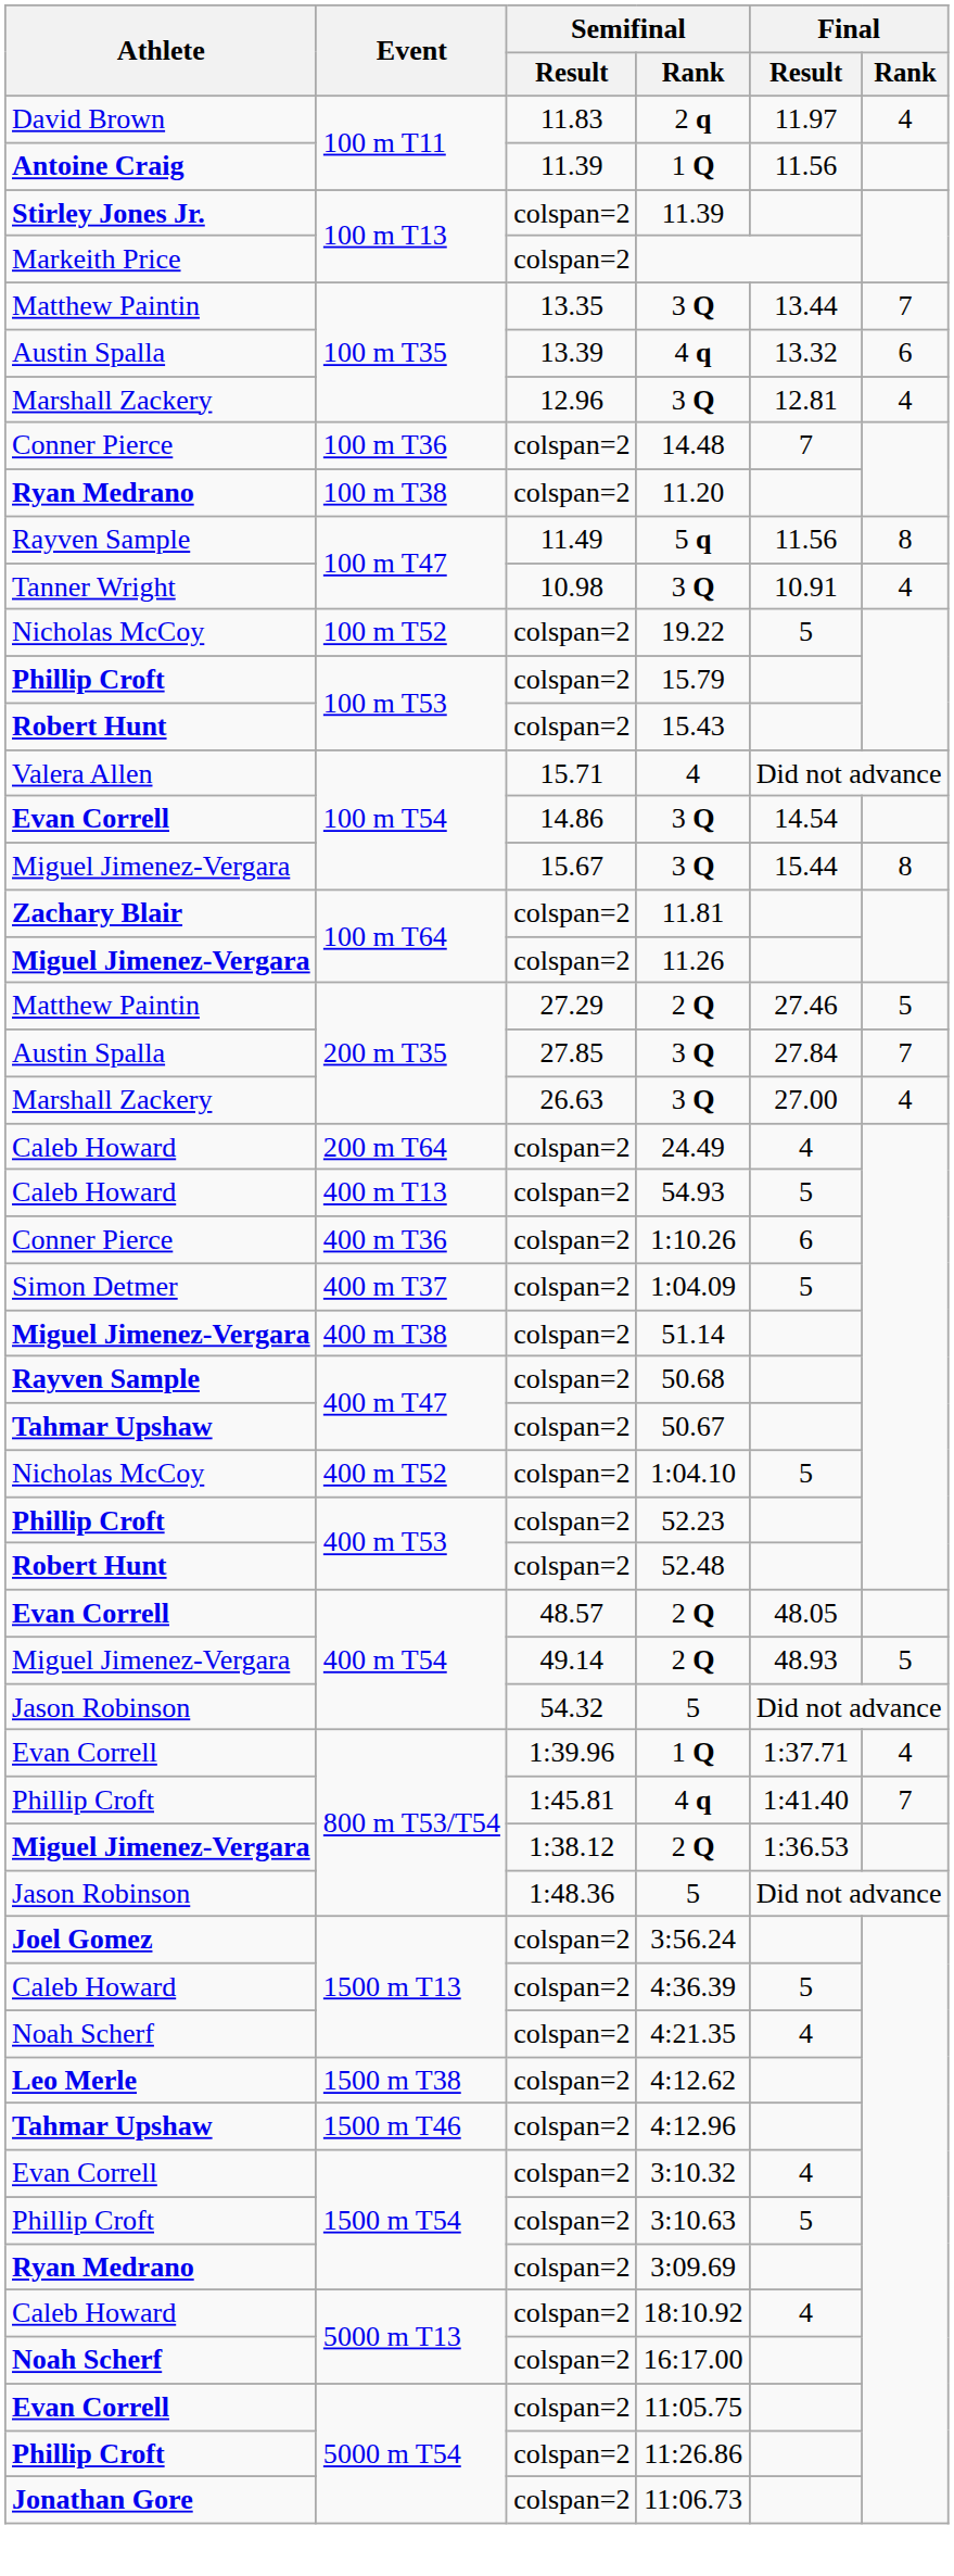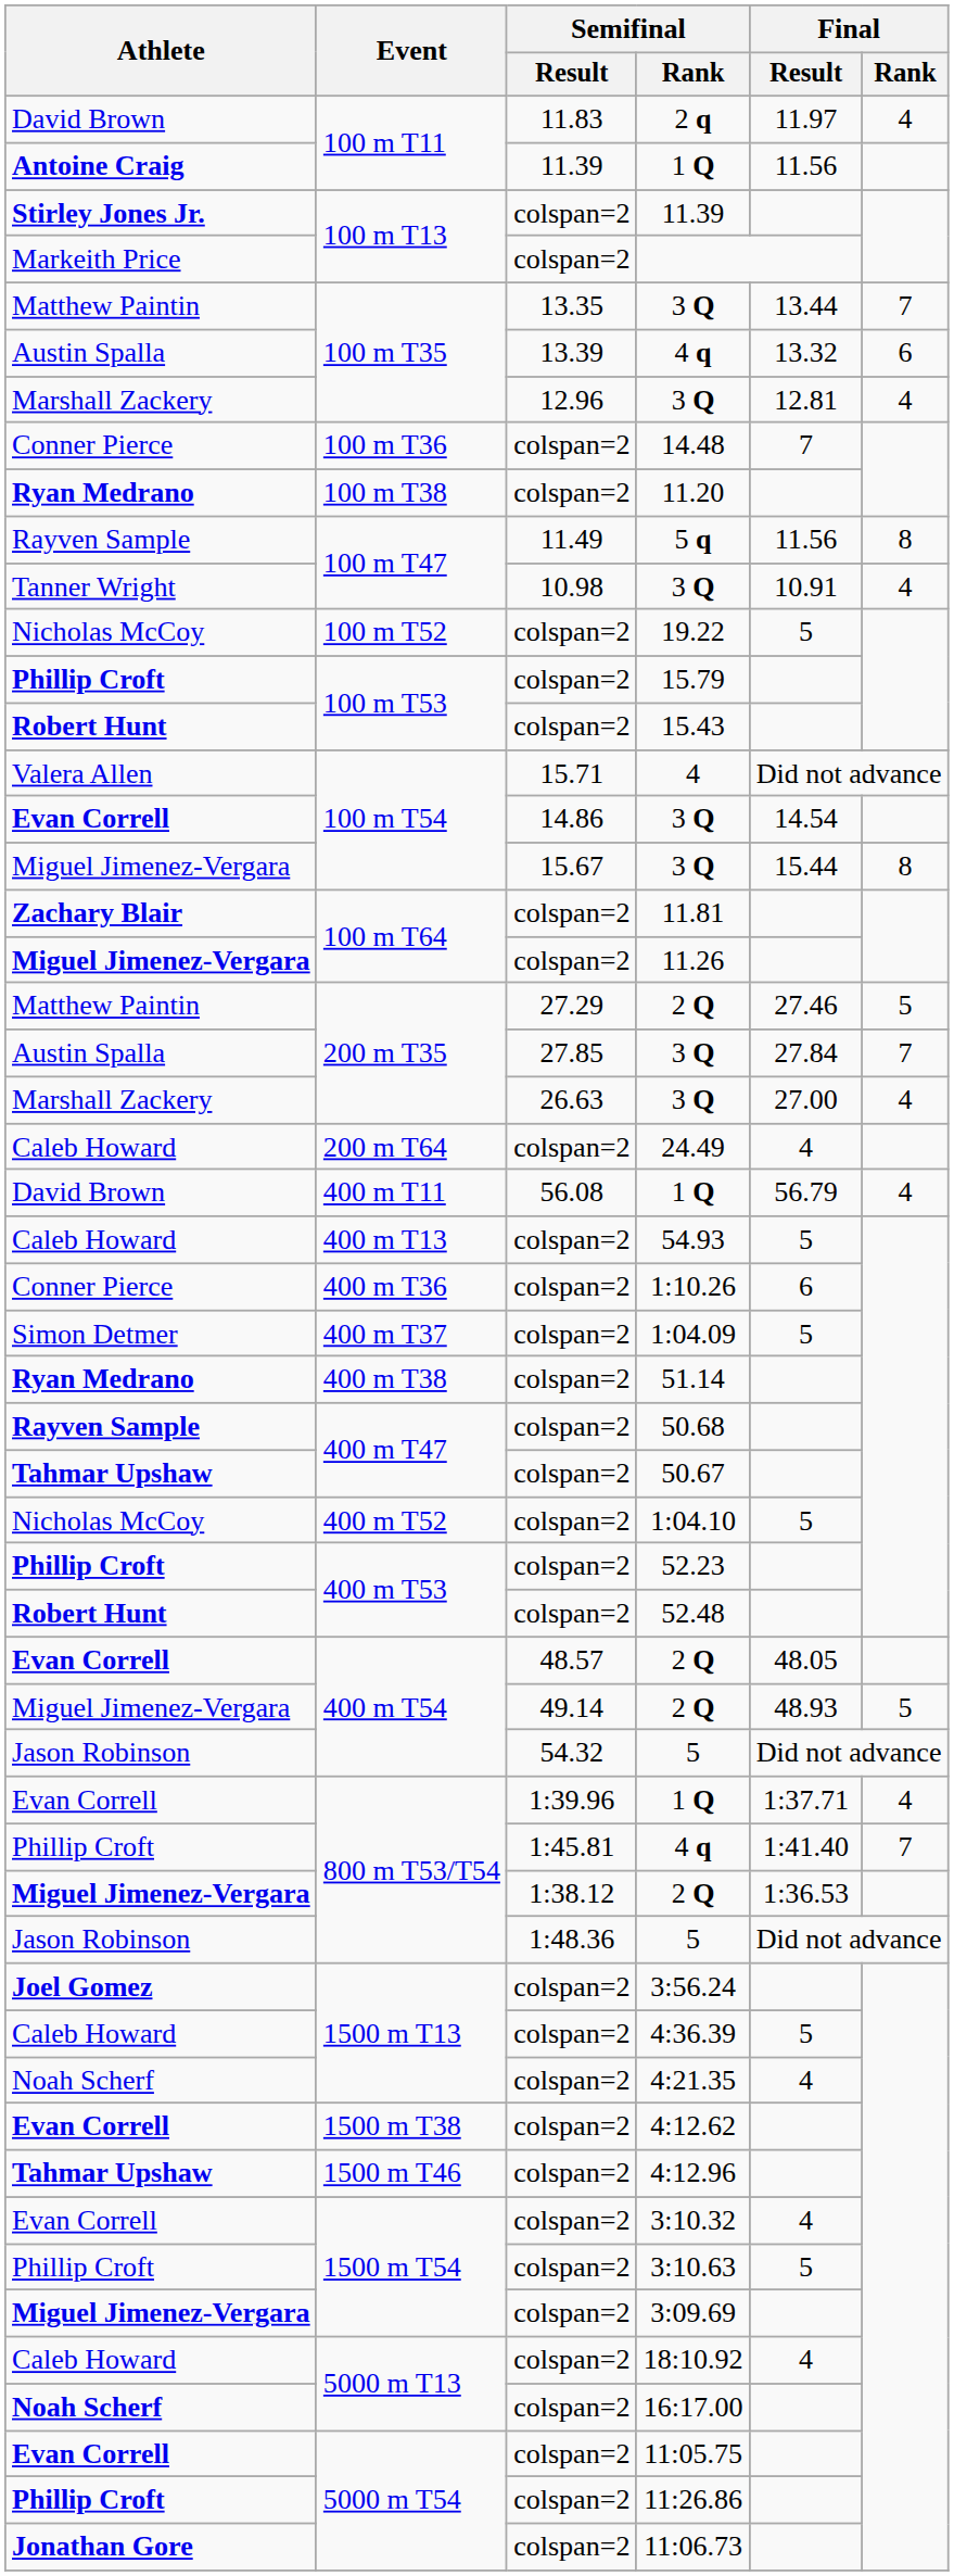 <table class="wikitable" style="font-size:90%">
 <tr>
 <th rowspan="2">Athlete</th>
 <th rowspan="2">Event</th>
 <th colspan="2">Semifinal</th>
 <th colspan="2">Final</th>
 </tr>
 <tr style="font-size:95%">
 <th>Result</th>
 <th>Rank</th>
 <th>Result</th>
 <th>Rank</th>
 </tr>
 <tr align=center>
 <td align=left><a href='#'>David Brown</a></td>
 <td align=left rowspan=2><a href='#'>100 m T11</a></td>
 <td>11.83</td>
 <td>2 <strong>q</strong></td>
 <td>11.97</td>
 <td>4</td>
 </tr>
 <tr align=center>
 <td align=left><strong><a href='#'>Antoine Craig</a></strong></td>
 <td>11.39</td>
 <td>1 <strong>Q</strong></td>
 <td>11.56</td>
 <td></td>
 </tr>
 <tr align=center>
 <td align=left><strong><a href='#'>Stirley Jones Jr.</a></strong></td>
 <td align=left rowspan=2><a href='#'>100 m T13</a></td>
 <td>colspan=2 </td>
 <td>11.39</td>
 <td></td>
 </tr>
 <tr align=center>
 <td align=left><a href='#'>Markeith Price</a></td>
 <td>colspan=2 </td>
 <td colspan=2></td>
 </tr>
 <tr align=center>
 <td align=left><a href='#'>Matthew Paintin</a></td>
 <td align=left rowspan=3><a href='#'>100 m T35</a></td>
 <td>13.35</td>
 <td>3 <strong>Q</strong></td>
 <td>13.44</td>
 <td>7</td>
 </tr>
 <tr align=center>
 <td align=left><a href='#'>Austin Spalla</a></td>
 <td>13.39</td>
 <td>4 <strong>q</strong></td>
 <td>13.32</td>
 <td>6</td>
 </tr>
 <tr align=center>
 <td align=left><a href='#'>Marshall Zackery</a></td>
 <td>12.96</td>
 <td>3 <strong>Q</strong></td>
 <td>12.81</td>
 <td>4</td>
 </tr>
 <tr align=center>
 <td align=left><a href='#'>Conner Pierce</a></td>
 <td align=left><a href='#'>100 m T36</a></td>
 <td>colspan=2 </td>
 <td>14.48</td>
 <td>7</td>
 </tr>
 <tr align=center>
 <td align=left><strong><a href='#'>Ryan Medrano</a></strong></td>
 <td align=left><a href='#'>100 m T38</a></td>
 <td>colspan=2 </td>
 <td>11.20</td>
 <td></td>
 </tr>
 <tr align=center>
 <td align=left><a href='#'>Rayven Sample</a></td>
 <td align=left rowspan=2><a href='#'>100 m T47</a></td>
 <td>11.49</td>
 <td>5 <strong>q</strong></td>
 <td>11.56</td>
 <td>8</td>
 </tr>
 <tr align=center>
 <td align=left><a href='#'>Tanner Wright</a></td>
 <td>10.98</td>
 <td>3 <strong>Q</strong></td>
 <td>10.91</td>
 <td>4</td>
 </tr>
 <tr align=center>
 <td align=left><a href='#'>Nicholas McCoy</a></td>
 <td align=left><a href='#'>100 m T52</a></td>
 <td>colspan=2 </td>
 <td>19.22</td>
 <td>5</td>
 </tr>
 <tr align=center>
 <td align=left><strong><a href='#'>Phillip Croft</a></strong></td>
 <td align=left rowspan=2><a href='#'>100 m T53</a></td>
 <td>colspan=2 </td>
 <td>15.79</td>
 <td></td>
 </tr>
 <tr align=center>
 <td align=left><strong><a href='#'>Robert Hunt</a></strong></td>
 <td>colspan=2 </td>
 <td>15.43</td>
 <td></td>
 </tr>
 <tr align=center>
 <td align=left><a href='#'>Valera Allen</a></td>
 <td align=left rowspan=3><a href='#'>100 m T54</a></td>
 <td>15.71</td>
 <td>4</td>
 <td colspan=2>Did not advance</td>
 </tr>
 <tr align=center>
 <td align=left><strong><a href='#'>Evan Correll</a></strong></td>
 <td>14.86</td>
 <td>3 <strong>Q</strong></td>
 <td>14.54</td>
 <td></td>
 </tr>
 <tr align=center>
 <td align=left><a href='#'>Miguel Jimenez-Vergara</a></td>
 <td>15.67</td>
 <td>3 <strong>Q</strong></td>
 <td>15.44</td>
 <td>8</td>
 </tr>
 <tr align=center>
 <td align=left><strong><a href='#'>Zachary Blair</a></strong></td>
 <td align=left rowspan=2><a href='#'>100 m T64</a></td>
 <td>colspan=2 </td>
 <td>11.81</td>
 <td></td>
 </tr>
 <tr align=center>
 <td align=left><strong><a href='#'>Miguel Jimenez-Vergara</a></strong></td>
 <td>colspan=2 </td>
 <td>11.26</td>
 <td></td>
 </tr>
 <tr align=center>
 <td align=left><a href='#'>Matthew Paintin</a></td>
 <td align=left rowspan=3><a href='#'>200 m T35</a></td>
 <td>27.29</td>
 <td>2 <strong>Q</strong></td>
 <td>27.46</td>
 <td>5</td>
 </tr>
 <tr align=center>
 <td align=left><a href='#'>Austin Spalla</a></td>
 <td>27.85</td>
 <td>3 <strong>Q</strong></td>
 <td>27.84</td>
 <td>7</td>
 </tr>
 <tr align=center>
 <td align=left><a href='#'>Marshall Zackery</a></td>
 <td>26.63</td>
 <td>3 <strong>Q</strong></td>
 <td>27.00</td>
 <td>4</td>
 </tr>
 <tr align=center>
 <td align=left><a href='#'>Caleb Howard</a></td>
 <td align=left><a href='#'>200 m T64</a></td>
 <td>colspan=2 </td>
 <td>24.49</td>
 <td>4</td>
 </tr>
 <tr align=center>
+<td align=left><a href='#'>David Brown</a></td>
+<td align=left><a href='#'>400 m T11</a></td>
+<td>56.08</td>
+<td>1 <strong>Q</strong></td>
+<td>56.79</td>
+<td>4</td>
+</tr>
+<tr align=center>
 <td align=left><a href='#'>Caleb Howard</a></td>
 <td align=left><a href='#'>400 m T13</a></td>
 <td>colspan=2 </td>
 <td>54.93</td>
 <td>5</td>
 </tr>
 <tr align=center>
 <td align=left><a href='#'>Conner Pierce</a></td>
 <td align=left><a href='#'>400 m T36</a></td>
 <td>colspan=2 </td>
 <td>1:10.26</td>
 <td>6</td>
 </tr>
 <tr align=center>
 <td align=left><a href='#'>Simon Detmer</a></td>
 <td align=left><a href='#'>400 m T37</a></td>
 <td>colspan=2 </td>
 <td>1:04.09</td>
 <td>5</td>
 </tr>
 <tr align=center>
-<td align=left><strong><a href='#'>Miguel Jimenez-Vergara</a></strong></td>
+<td align=left><strong><a href='#'>Ryan Medrano</a></strong></td>
 <td align=left><a href='#'>400 m T38</a></td>
 <td>colspan=2 </td>
 <td>51.14</td>
 <td></td>
 </tr>
 <tr align=center>
 <td align=left><strong><a href='#'>Rayven Sample</a></strong></td>
 <td align=left rowspan=2><a href='#'>400 m T47</a></td>
 <td>colspan=2 </td>
 <td>50.68</td>
 <td></td>
 </tr>
 <tr align=center>
 <td align=left><strong><a href='#'>Tahmar Upshaw</a></strong></td>
 <td>colspan=2 </td>
 <td>50.67</td>
 <td></td>
 </tr>
 <tr align=center>
 <td align=left><a href='#'>Nicholas McCoy</a></td>
 <td align=left><a href='#'>400 m T52</a></td>
 <td>colspan=2 </td>
 <td>1:04.10</td>
 <td>5</td>
 </tr>
 <tr align=center>
 <td align=left><strong><a href='#'>Phillip Croft</a></strong></td>
 <td align=left rowspan=2><a href='#'>400 m T53</a></td>
 <td>colspan=2 </td>
 <td>52.23</td>
 <td></td>
 </tr>
 <tr align=center>
 <td align=left><strong><a href='#'>Robert Hunt</a></strong></td>
 <td>colspan=2 </td>
 <td>52.48</td>
 <td></td>
 </tr>
 <tr align=center>
 <td align=left><strong><a href='#'>Evan Correll</a></strong></td>
 <td align=left rowspan=3><a href='#'>400 m T54</a></td>
 <td>48.57</td>
 <td>2 <strong>Q</strong></td>
 <td>48.05</td>
 <td></td>
 </tr>
 <tr align=center>
 <td align=left><a href='#'>Miguel Jimenez-Vergara</a></td>
 <td>49.14</td>
 <td>2 <strong>Q</strong></td>
 <td>48.93</td>
 <td>5</td>
 </tr>
 <tr align=center>
 <td align=left><a href='#'>Jason Robinson</a></td>
 <td>54.32</td>
 <td>5</td>
 <td colspan=2>Did not advance</td>
 </tr>
 <tr align=center>
 <td align=left><a href='#'>Evan Correll</a></td>
 <td align=left rowspan=4><a href='#'>800 m T53/T54</a></td>
 <td>1:39.96</td>
 <td>1 <strong>Q</strong></td>
 <td>1:37.71</td>
 <td>4</td>
 </tr>
 <tr align=center>
 <td align=left><a href='#'>Phillip Croft</a></td>
 <td>1:45.81</td>
 <td>4 <strong>q</strong></td>
 <td>1:41.40</td>
 <td>7</td>
 </tr>
 <tr align=center>
 <td align=left><strong><a href='#'>Miguel Jimenez-Vergara</a></strong></td>
 <td>1:38.12</td>
 <td>2 <strong>Q</strong></td>
 <td>1:36.53</td>
 <td></td>
 </tr>
 <tr align=center>
 <td align=left><a href='#'>Jason Robinson</a></td>
 <td>1:48.36</td>
 <td>5</td>
 <td colspan=2>Did not advance</td>
 </tr>
 <tr align=center>
 <td align=left><strong><a href='#'>Joel Gomez</a></strong></td>
 <td align=left rowspan=3><a href='#'>1500 m T13</a></td>
 <td>colspan=2 </td>
 <td>3:56.24</td>
 <td></td>
 </tr>
 <tr align=center>
 <td align=left><a href='#'>Caleb Howard</a></td>
 <td>colspan=2 </td>
 <td>4:36.39</td>
 <td>5</td>
 </tr>
 <tr align=center>
 <td align=left><a href='#'>Noah Scherf</a></td>
 <td>colspan=2 </td>
 <td>4:21.35</td>
 <td>4</td>
 </tr>
 <tr align=center>
-<td align=left><strong><a href='#'>Leo Merle</a></strong></td>
+<td align=left><strong><a href='#'>Evan Correll</a></strong></td>
 <td align=left><a href='#'>1500 m T38</a></td>
 <td>colspan=2 </td>
 <td>4:12.62</td>
 <td></td>
 </tr>
 <tr align=center>
 <td align=left><strong><a href='#'>Tahmar Upshaw</a></strong></td>
 <td align=left><a href='#'>1500 m T46</a></td>
 <td>colspan=2 </td>
 <td>4:12.96</td>
 <td></td>
 </tr>
 <tr align=center>
 <td align=left><a href='#'>Evan Correll</a></td>
 <td align=left rowspan=3><a href='#'>1500 m T54</a></td>
 <td>colspan=2 </td>
 <td>3:10.32</td>
 <td>4</td>
 </tr>
 <tr align=center>
 <td align=left><a href='#'>Phillip Croft</a></td>
 <td>colspan=2 </td>
 <td>3:10.63</td>
 <td>5</td>
 </tr>
 <tr align=center>
-<td align=left><strong><a href='#'>Ryan Medrano</a></strong></td>
+<td align=left><strong><a href='#'>Miguel Jimenez-Vergara</a></strong></td>
 <td>colspan=2 </td>
 <td>3:09.69</td>
 <td></td>
 </tr>
 <tr align=center>
 <td align=left><a href='#'>Caleb Howard</a></td>
 <td align=left rowspan=2><a href='#'>5000 m T13</a></td>
 <td>colspan=2 </td>
 <td>18:10.92</td>
 <td>4</td>
 </tr>
 <tr align=center>
 <td align=left><strong><a href='#'>Noah Scherf</a></strong></td>
 <td>colspan=2 </td>
 <td>16:17.00</td>
 <td></td>
 </tr>
 <tr align=center>
 <td align=left><strong><a href='#'>Evan Correll</a></strong></td>
 <td align=left rowspan=3><a href='#'>5000 m T54</a></td>
 <td>colspan=2 </td>
 <td>11:05.75</td>
 <td></td>
 </tr>
 <tr align=center>
 <td align=left><strong><a href='#'>Phillip Croft</a></strong></td>
 <td>colspan=2 </td>
 <td>11:26.86</td>
 <td></td>
 </tr>
 <tr align=center>
 <td align=left><strong><a href='#'>Jonathan Gore</a></strong></td>
 <td>colspan=2 </td>
 <td>11:06.73</td>
 <td></td>
 </tr>
 </table>
